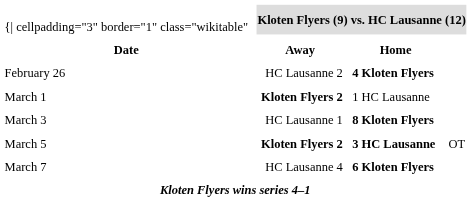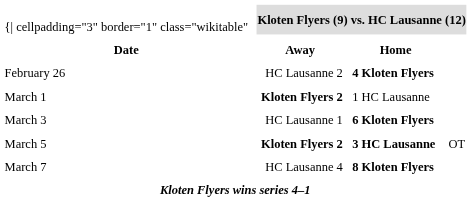 <table cellspacing="10">
 <tr>
 <td valign="top"><br>	{| cellpadding="3" border="1"  class="wikitable"</td>
 <th bgcolor="#DDDDDD" colspan="4">Kloten Flyers (9) vs. HC Lausanne (12)</th>
 </tr>
 <tr>
 <th>Date</th>
 <th>Away</th>
 <th>Home</th>
 </tr>
 <tr>
 <td>February 26</td>
 <td align = "right">HC Lausanne 2</td>
 <td><strong>4 Kloten Flyers</strong></td>
 <td> </td>
 </tr>
 <tr>
 <td>March 1</td>
 <td align = "right"><strong>Kloten Flyers 2</strong></td>
 <td>1 HC Lausanne</td>
 <td> </td>
 </tr>
 <tr>
 <td>March 3</td>
 <td align = "right">HC Lausanne 1</td>
-<td><strong>8 Kloten Flyers</strong></td>
+<td><strong>6 Kloten Flyers</strong></td>
 <td> </td>
 </tr>
 <tr>
 <td>March 5</td>
 <td align = "right"><strong>Kloten Flyers 2</strong></td>
 <td><strong>3 HC Lausanne</strong></td>
 <td>OT</td>
 </tr>
 <tr>
 <td>March 7</td>
 <td align = "right">HC Lausanne 4</td>
-<td><strong>6 Kloten Flyers</strong></td>
+<td><strong>8 Kloten Flyers</strong></td>
 <td> </td>
 </tr>
 <tr align="center">
 <td colspan="4"><strong><em>Kloten Flyers wins series 4–1</em></strong></td>
 </tr>
 </table>
